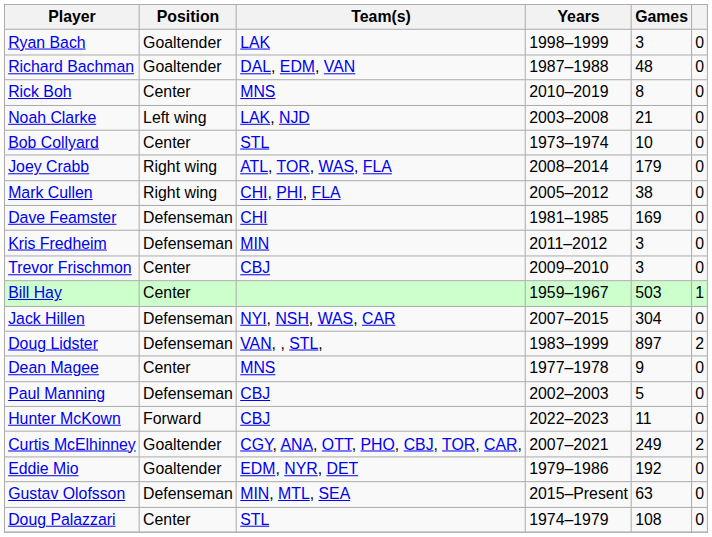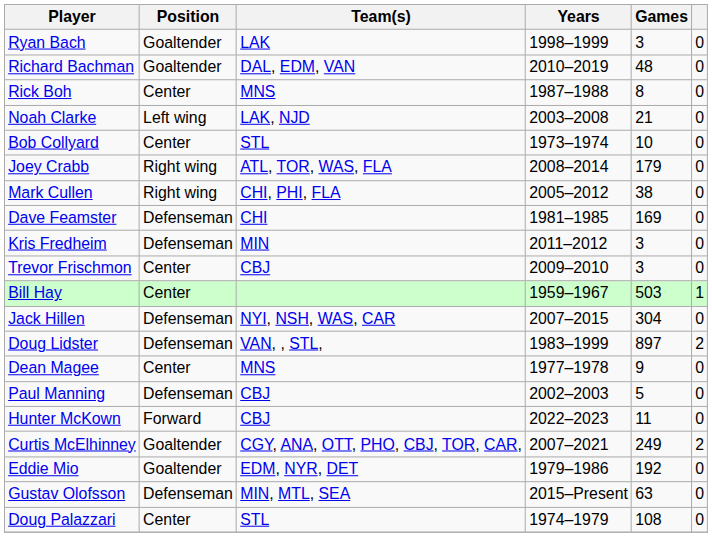 <table class="wikitable sortable">
 <tr>
 <th>Player</th>
 <th>Position</th>
 <th>Team(s)</th>
 <th>Years</th>
 <th>Games</th>
 <th><a href='#'></a></th>
 </tr>
 <tr>
 <td><a href='#'>Ryan Bach</a></td>
 <td>Goaltender</td>
 <td><a href='#'>LAK</a></td>
 <td>1998–1999</td>
 <td>3</td>
 <td>0</td>
 </tr>
 <tr>
 <td><a href='#'>Richard Bachman</a></td>
 <td>Goaltender</td>
 <td><a href='#'>DAL</a>, <a href='#'>EDM</a>, <a href='#'>VAN</a></td>
-<td>1987–1988</td>
+<td>2010–2019</td>
 <td>48</td>
 <td>0</td>
 </tr>
 <tr>
 <td><a href='#'>Rick Boh</a></td>
 <td>Center</td>
 <td><a href='#'>MNS</a></td>
-<td>2010–2019</td>
+<td>1987–1988</td>
 <td>8</td>
 <td>0</td>
 </tr>
 <tr>
 <td><a href='#'>Noah Clarke</a></td>
 <td>Left wing</td>
 <td><a href='#'>LAK</a>, <a href='#'>NJD</a></td>
 <td>2003–2008</td>
 <td>21</td>
 <td>0</td>
 </tr>
 <tr>
 <td><a href='#'>Bob Collyard</a></td>
 <td>Center</td>
 <td><a href='#'>STL</a></td>
 <td>1973–1974</td>
 <td>10</td>
 <td>0</td>
 </tr>
 <tr>
 <td><a href='#'>Joey Crabb</a></td>
 <td>Right wing</td>
 <td><a href='#'>ATL</a>, <a href='#'>TOR</a>, <a href='#'>WAS</a>, <a href='#'>FLA</a></td>
 <td>2008–2014</td>
 <td>179</td>
 <td>0</td>
 </tr>
 <tr>
 <td><a href='#'>Mark Cullen</a></td>
 <td>Right wing</td>
 <td><a href='#'>CHI</a>, <a href='#'>PHI</a>, <a href='#'>FLA</a></td>
 <td>2005–2012</td>
 <td>38</td>
 <td>0</td>
 </tr>
 <tr>
 <td><a href='#'>Dave Feamster</a></td>
 <td>Defenseman</td>
 <td><a href='#'>CHI</a></td>
 <td>1981–1985</td>
 <td>169</td>
 <td>0</td>
 </tr>
 <tr>
 <td><a href='#'>Kris Fredheim</a></td>
 <td>Defenseman</td>
 <td><a href='#'>MIN</a></td>
 <td>2011–2012</td>
 <td>3</td>
 <td>0</td>
 </tr>
 <tr>
 <td><a href='#'>Trevor Frischmon</a></td>
 <td>Center</td>
 <td><a href='#'>CBJ</a></td>
 <td>2009–2010</td>
 <td>3</td>
 <td>0</td>
 </tr>
 <tr bgcolor=CCFFCC>
 <td><a href='#'>Bill Hay</a></td>
 <td>Center</td>
 <td><span><strong></strong></span></td>
 <td>1959–1967</td>
 <td>503</td>
 <td>1</td>
 </tr>
 <tr>
 <td><a href='#'>Jack Hillen</a></td>
 <td>Defenseman</td>
 <td><a href='#'>NYI</a>, <a href='#'>NSH</a>, <a href='#'>WAS</a>, <a href='#'>CAR</a></td>
 <td>2007–2015</td>
 <td>304</td>
 <td>0</td>
 </tr>
 <tr>
 <td><a href='#'>Doug Lidster</a></td>
 <td>Defenseman</td>
 <td><a href='#'>VAN</a>, <span><strong></strong></span>, <a href='#'>STL</a>, <span><strong></strong></span></td>
 <td>1983–1999</td>
 <td>897</td>
 <td>2</td>
 </tr>
 <tr>
 <td><a href='#'>Dean Magee</a></td>
 <td>Center</td>
 <td><a href='#'>MNS</a></td>
 <td>1977–1978</td>
 <td>9</td>
 <td>0</td>
 </tr>
 <tr>
 <td><a href='#'>Paul Manning</a></td>
 <td>Defenseman</td>
 <td><a href='#'>CBJ</a></td>
 <td>2002–2003</td>
 <td>5</td>
 <td>0</td>
 </tr>
 <tr>
 <td><a href='#'>Hunter McKown</a></td>
 <td>Forward</td>
 <td><a href='#'>CBJ</a></td>
 <td>2022–2023</td>
 <td>11</td>
 <td>0</td>
 </tr>
 <tr>
 <td><a href='#'>Curtis McElhinney</a></td>
 <td>Goaltender</td>
 <td><a href='#'>CGY</a>, <a href='#'>ANA</a>, <a href='#'>OTT</a>, <a href='#'>PHO</a>, <a href='#'>CBJ</a>, <a href='#'>TOR</a>, <a href='#'>CAR</a>, <span><strong></strong></span></td>
 <td>2007–2021</td>
 <td>249</td>
 <td>2</td>
 </tr>
 <tr>
 <td><a href='#'>Eddie Mio</a></td>
 <td>Goaltender</td>
 <td><a href='#'>EDM</a>, <a href='#'>NYR</a>, <a href='#'>DET</a></td>
 <td>1979–1986</td>
 <td>192</td>
 <td>0</td>
 </tr>
 <tr>
 <td><a href='#'>Gustav Olofsson</a></td>
 <td>Defenseman</td>
 <td><a href='#'>MIN</a>, <a href='#'>MTL</a>, <a href='#'>SEA</a></td>
 <td>2015–Present</td>
 <td>63</td>
 <td>0</td>
 </tr>
 <tr>
 <td><a href='#'>Doug Palazzari</a></td>
 <td>Center</td>
 <td><a href='#'>STL</a></td>
 <td>1974–1979</td>
 <td>108</td>
 <td>0</td>
 </tr>
 <tr>
 </tr>
 </table>
